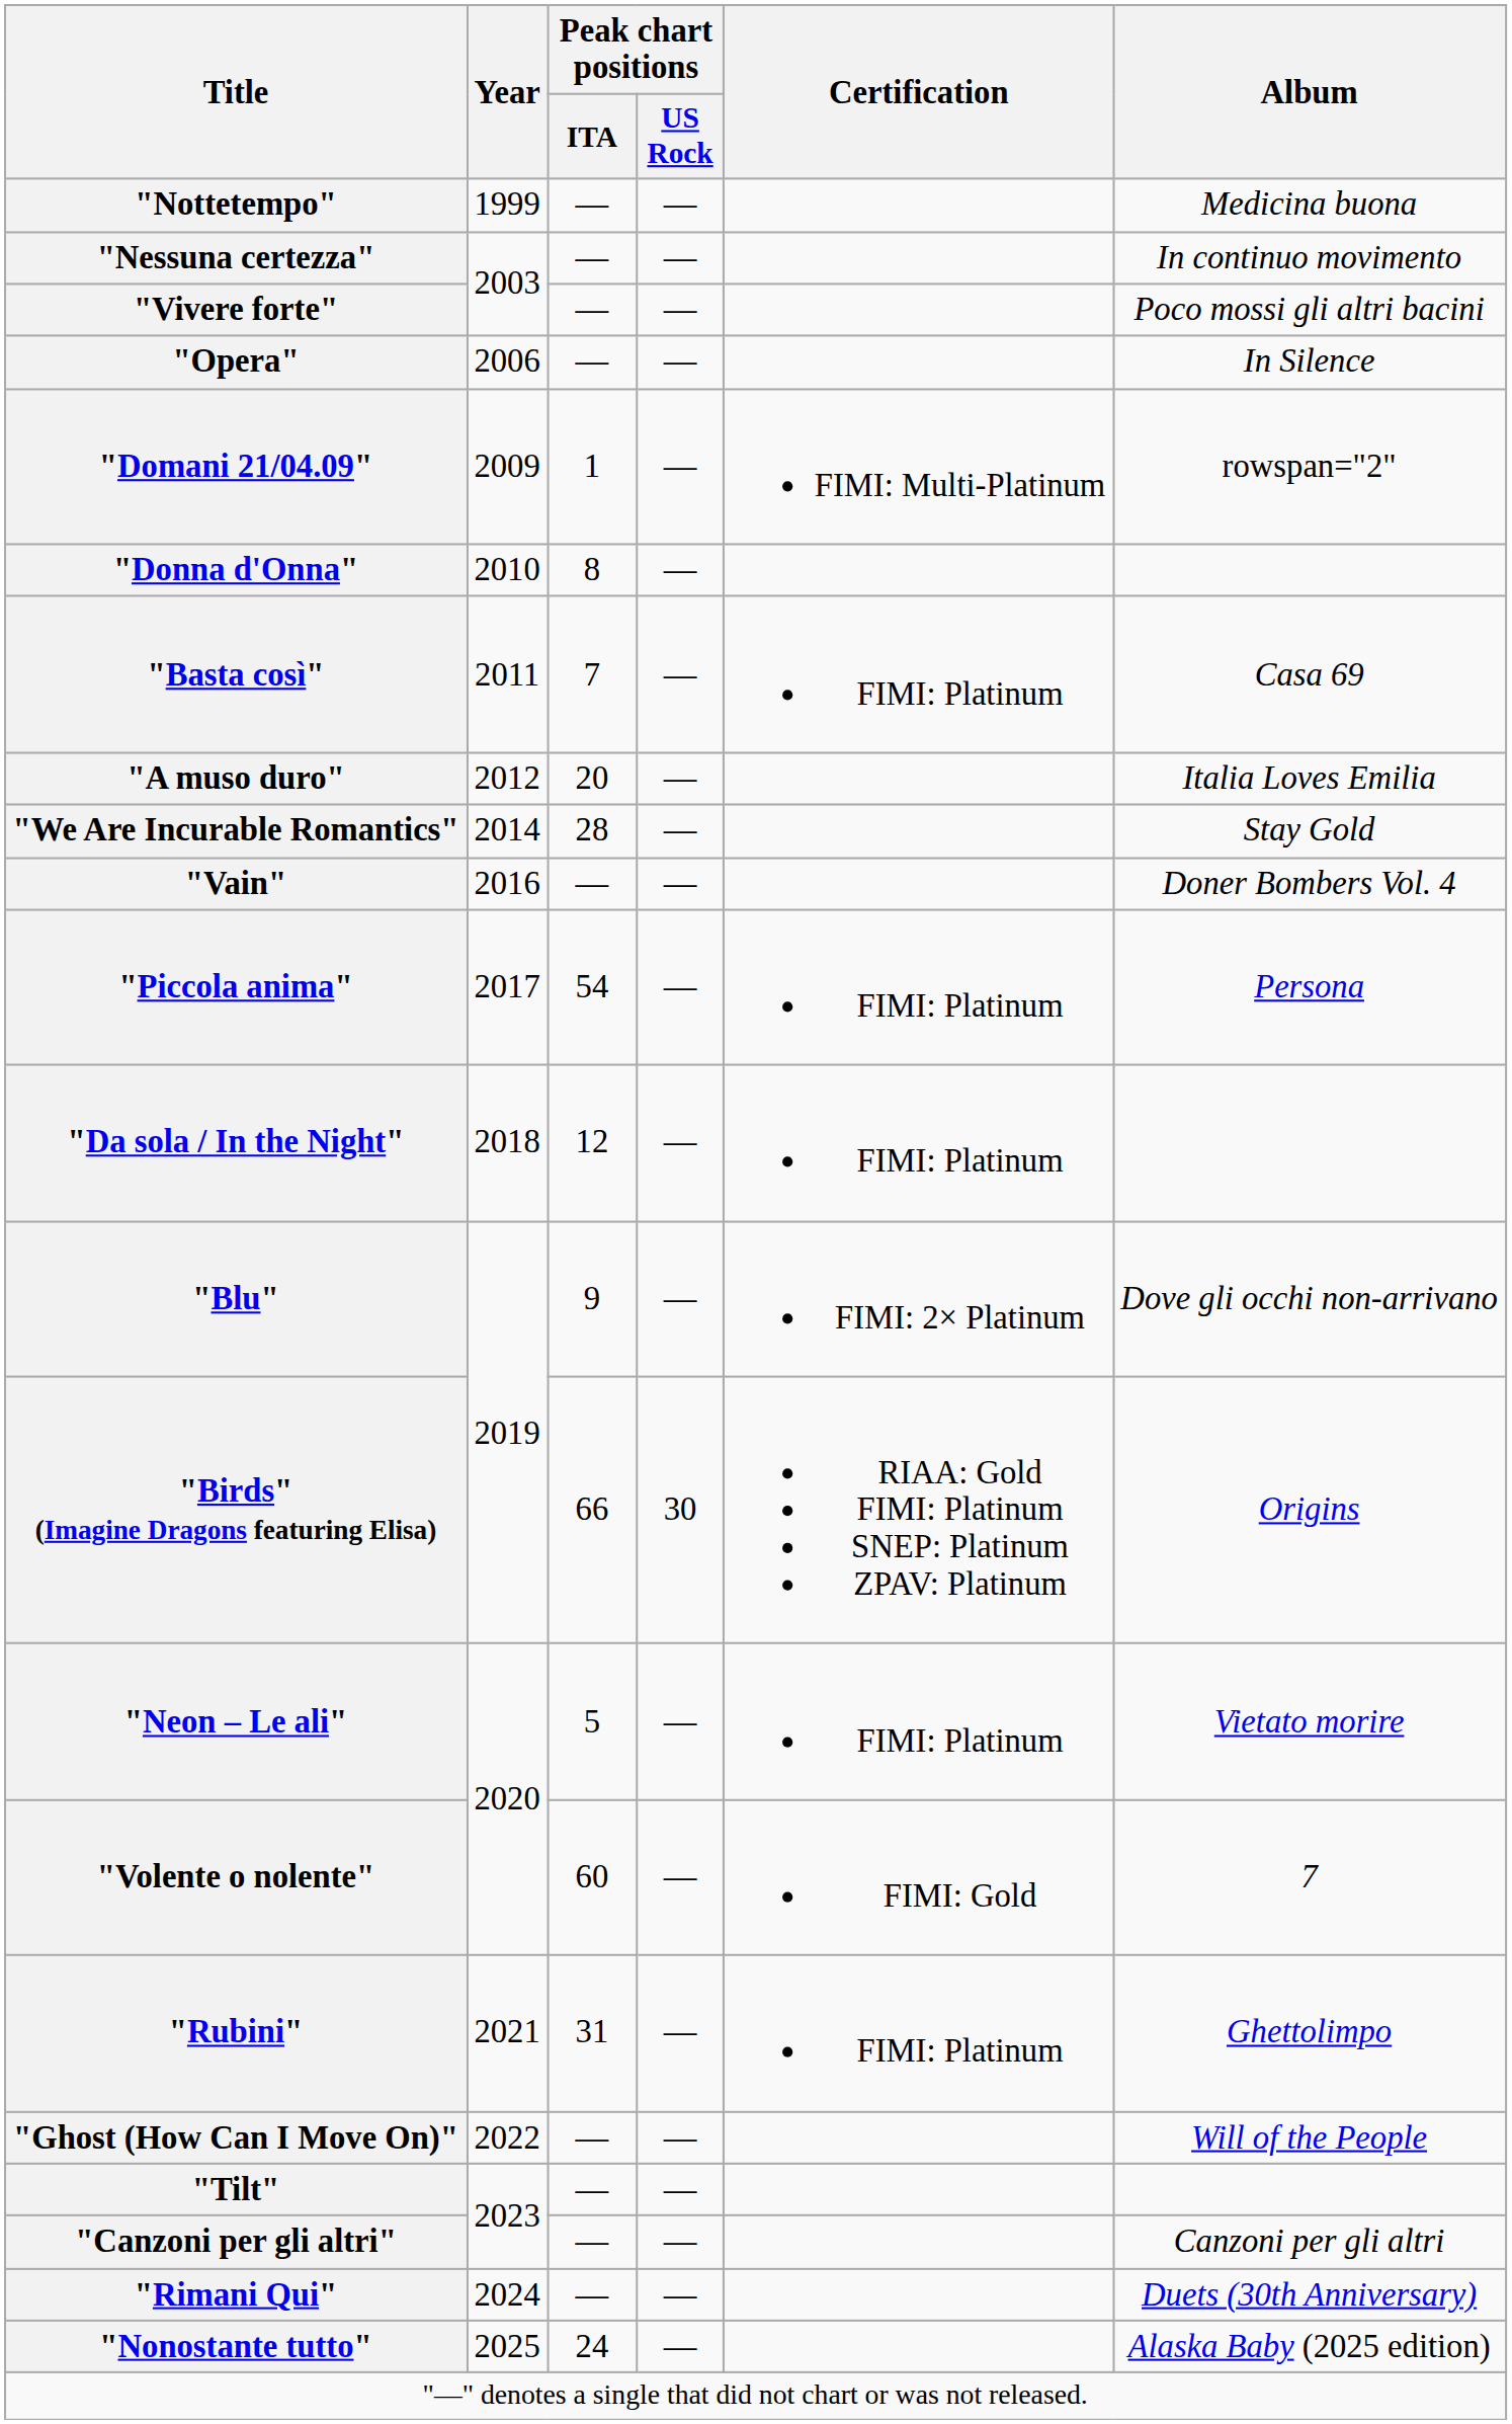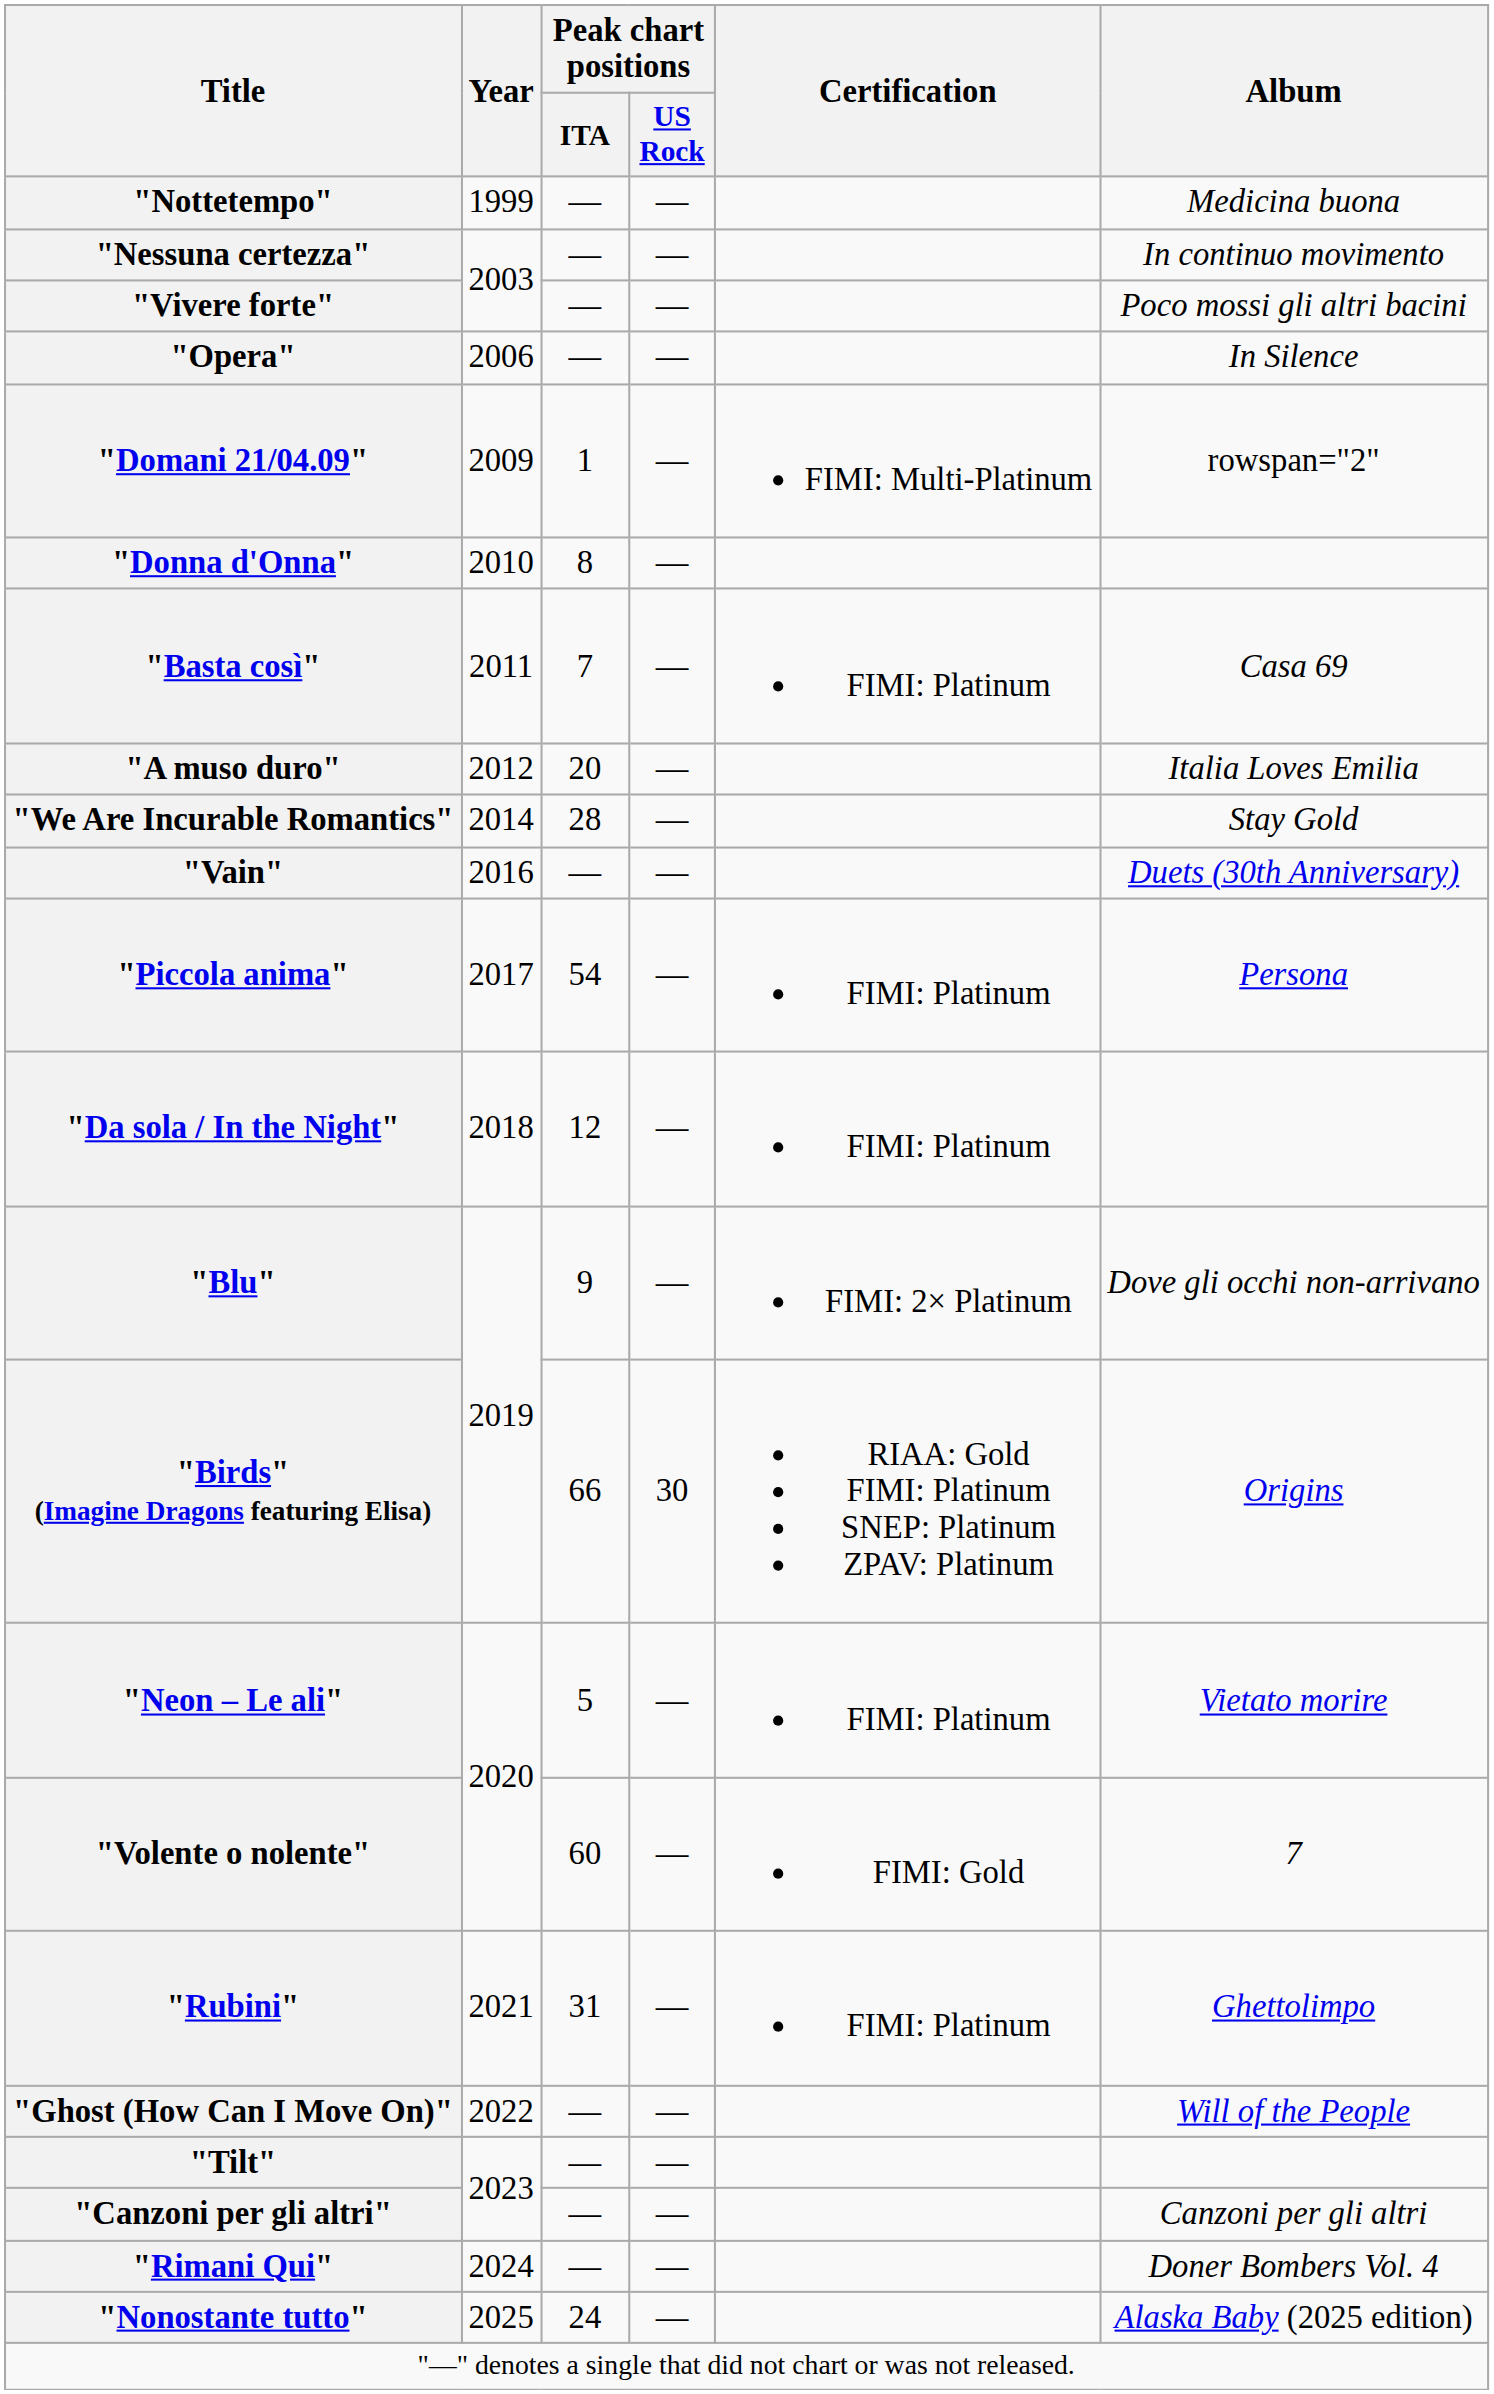 <table class="wikitable plainrowheaders" style="text-align:center;">
 <tr>
 <th rowspan="2">Title</th>
 <th rowspan="2">Year</th>
 <th colspan="2">Peak chart positions</th>
 <th rowspan="2">Certification</th>
 <th rowspan="2">Album</th>
 </tr>
 <tr>
 <th scope="col" style="width:2.5em;font-size:90%;">ITA<br></th>
 <th scope="col" style="width:2.5em;font-size:90%;"><a href='#'>US<br>Rock</a><br></th>
 </tr>
 <tr>
 <th scope="row">"Nottetempo"<br></th>
 <td>1999</td>
 <td>—</td>
 <td>—</td>
 <td></td>
 <td><em>Medicina buona</em></td>
 </tr>
 <tr>
 <th scope="row">"Nessuna certezza"<br></th>
 <td rowspan="2">2003</td>
 <td>—</td>
 <td>—</td>
 <td></td>
 <td><em>In continuo movimento</em></td>
 </tr>
 <tr>
 <th scope="row">"Vivere forte"<br></th>
 <td>—</td>
 <td>—</td>
 <td></td>
 <td><em>Poco mossi gli altri bacini</em></td>
 </tr>
 <tr>
 <th scope="row">"Opera"<br></th>
 <td>2006</td>
 <td>—</td>
 <td>—</td>
 <td></td>
 <td><em>In Silence</em></td>
 </tr>
 <tr>
 <th scope="row">"<a href='#'>Domani 21/04.09</a>"<br></th>
 <td>2009</td>
 <td>1</td>
 <td>—</td>
 <td><br><ul><li>FIMI: Multi-Platinum</li></ul></td>
 <td>rowspan="2" </td>
 </tr>
 <tr>
 <th scope="row">"<a href='#'>Donna d'Onna</a>"<br></th>
 <td>2010</td>
 <td>8</td>
 <td>—</td>
 <td></td>
 </tr>
 <tr>
 <th scope="row">"<a href='#'>Basta così</a>"<br></th>
 <td>2011</td>
 <td>7</td>
 <td>—</td>
 <td><br><ul><li>FIMI: Platinum</li></ul></td>
 <td><em>Casa 69</em></td>
 </tr>
 <tr>
 <th scope="row">"A muso duro"<br></th>
 <td>2012</td>
 <td>20</td>
 <td>—</td>
 <td></td>
 <td><em>Italia Loves Emilia</em></td>
 </tr>
 <tr>
 <th scope="row">"We Are Incurable Romantics"<br></th>
 <td>2014</td>
 <td>28</td>
 <td>—</td>
 <td></td>
 <td><em>Stay Gold</em></td>
 </tr>
 <tr>
 <th scope="row">"Vain"<br></th>
 <td>2016</td>
 <td>—</td>
 <td>—</td>
 <td></td>
-<td><em>Doner Bombers Vol. 4</em></td>
+<td><em><a href='#'>Duets (30th Anniversary)</a></em></td>
 </tr>
 <tr>
 <th scope="row">"<a href='#'>Piccola anima</a>"<br></th>
 <td>2017</td>
 <td>54</td>
 <td>—</td>
 <td><br><ul><li>FIMI: Platinum</li></ul></td>
 <td><a href='#'><em>Persona</em></a></td>
 </tr>
 <tr>
 <th scope="row">"<a href='#'>Da sola / In the Night</a>" <br></th>
 <td>2018</td>
 <td>12</td>
 <td>—</td>
 <td><br><ul><li>FIMI: Platinum</li></ul></td>
 <td></td>
 </tr>
 <tr>
 <th scope="row">"<a href='#'>Blu</a>"<br></th>
 <td rowspan="2">2019</td>
 <td>9</td>
 <td>—</td>
 <td><br><ul><li>FIMI: 2× Platinum</li></ul></td>
 <td><em>Dove gli occhi non-arrivano</em></td>
 </tr>
 <tr>
 <th scope="row">"<a href='#'>Birds</a>"<br><small>(<a href='#'>Imagine Dragons</a> featuring Elisa)</small></th>
 <td>66</td>
 <td>30</td>
 <td><br><ul><li>RIAA: Gold</li><li>FIMI: Platinum</li><li>SNEP: Platinum</li><li>ZPAV: Platinum</li></ul></td>
 <td><em><a href='#'>Origins</a></em></td>
 </tr>
 <tr>
 <th scope="row">"<a href='#'>Neon – Le ali</a>"<br></th>
 <td rowspan="2">2020</td>
 <td>5</td>
 <td>—</td>
 <td><br><ul><li>FIMI: Platinum</li></ul></td>
 <td><em><a href='#'>Vietato morire</a></em></td>
 </tr>
 <tr>
 <th scope="row">"Volente o nolente"<br></th>
 <td>60</td>
 <td>—</td>
 <td><br><ul><li>FIMI: Gold</li></ul></td>
 <td><em>7</em></td>
 </tr>
 <tr>
 <th scope="row">"<a href='#'>Rubini</a>"<br></th>
 <td>2021</td>
 <td>31</td>
 <td>—</td>
 <td><br><ul><li>FIMI: Platinum</li></ul></td>
 <td><em><a href='#'>Ghettolimpo</a></em></td>
 </tr>
 <tr>
 <th scope="row">"Ghost (How Can I Move On)"<br></th>
 <td>2022</td>
 <td>—</td>
 <td>—</td>
 <td></td>
 <td><em><a href='#'>Will of the People</a></em></td>
 </tr>
 <tr>
 <th scope="row">"Tilt"<br></th>
 <td rowspan="2">2023</td>
 <td>—</td>
 <td>—</td>
 <td></td>
 <td></td>
 </tr>
 <tr>
 <th scope="row">"Canzoni per gli altri"<br></th>
 <td>—</td>
 <td>—</td>
 <td></td>
 <td><em>Canzoni per gli altri</em></td>
 </tr>
 <tr>
 <th scope="row">"<a href='#'>Rimani Qui</a>"<br></th>
 <td>2024</td>
 <td>—</td>
 <td>—</td>
 <td></td>
-<td><em><a href='#'>Duets (30th Anniversary)</a></em></td>
+<td><em>Doner Bombers Vol. 4</em></td>
 </tr>
 <tr>
 <th scope="row">"<a href='#'>Nonostante tutto</a>"<br></th>
 <td>2025</td>
 <td>24</td>
 <td>—</td>
 <td></td>
 <td><em><a href='#'>Alaska Baby</a></em> (2025 edition)</td>
 </tr>
 <tr>
 <td colspan="20" style="text-align:center; font-size:85%;">"—" denotes a single that did not chart or was not released.</td>
 </tr>
 </table>
